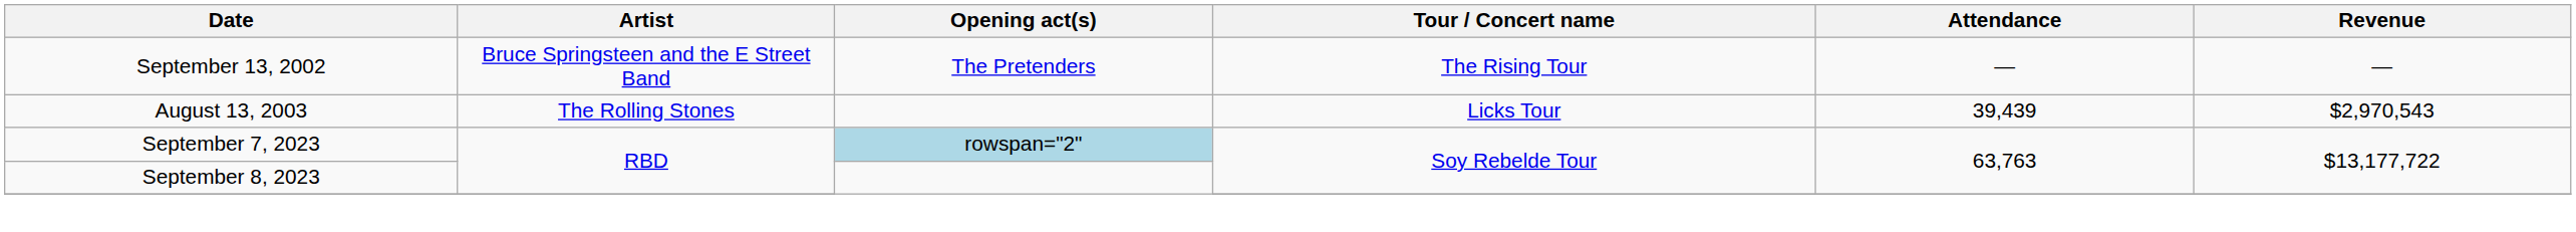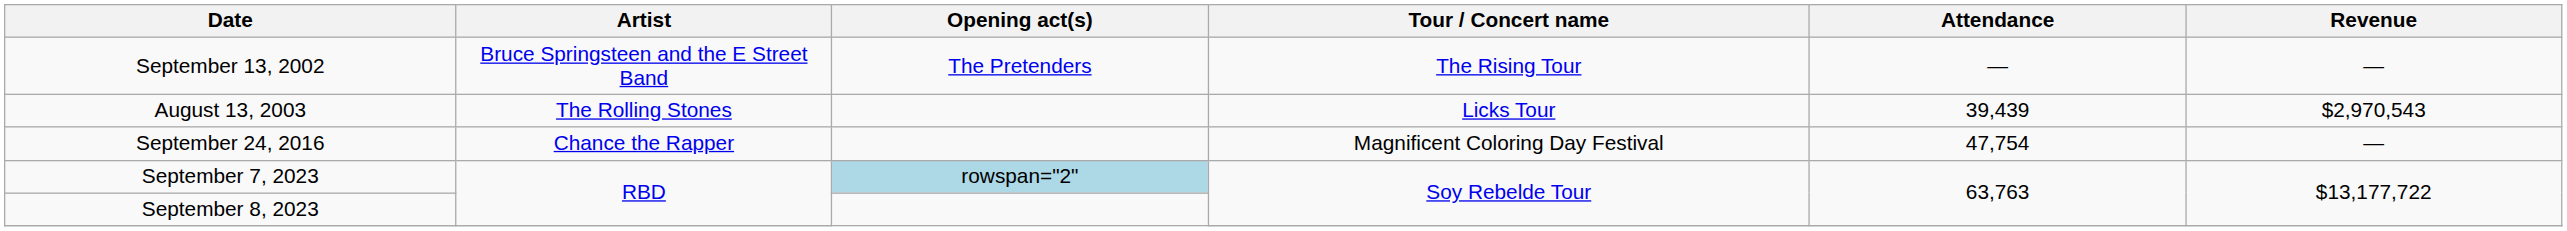 <table class="wikitable" style="text-align:center;">
 <tr>
 <th width=12% style="text-align:center;">Date</th>
 <th width=10% style="text-align:center;">Artist</th>
 <th width=10% style="text-align:center;">Opening act(s)</th>
 <th width=16% style="text-align:center;">Tour / Concert name</th>
 <th width=10% style="text-align:center;">Attendance</th>
 <th width=10% style="text-align:center;">Revenue</th>
 </tr>
 <tr>
 <td>September 13, 2002</td>
 <td><a href='#'>Bruce Springsteen and the E Street Band</a></td>
 <td><a href='#'>The Pretenders</a></td>
 <td><a href='#'>The Rising Tour</a></td>
 <td>—</td>
 <td>—</td>
 </tr>
 <tr>
 <td>August 13, 2003</td>
 <td><a href='#'>The Rolling Stones</a></td>
 <td></td>
 <td><a href='#'>Licks Tour</a></td>
 <td>39,439</td>
 <td>$2,970,543</td>
 </tr>
 <tr>
+<td>September 24, 2016</td>
+<td><a href='#'>Chance the Rapper</a></td>
+<td></td>
+<td>Magnificent Coloring Day Festival</td>
+<td>47,754</td>
+<td>—</td>
+</tr>
+<tr>
 <td>September 7, 2023</td>
 <td rowspan="2"><a href='#'>RBD</a></td>
 <td style="background: lightblue;">rowspan="2" </td>
 <td rowspan="2"><a href='#'>Soy Rebelde Tour</a></td>
 <td rowspan="2">63,763</td>
 <td rowspan="2">$13,177,722</td>
 </tr>
 <tr>
 <td>September 8, 2023</td>
 </tr>
 <tr>
 </tr>
 </table>
